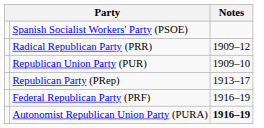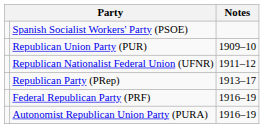 <table class="wikitable" style="text-align:left;">
 <tr>
 <th colspan="2">Party</th>
 <th>Notes</th>
 </tr>
 <tr>
 <td width="1"></td>
 <td><a href='#'>Spanish Socialist Workers' Party</a> (PSOE)</td>
 </tr>
 <tr>
 <td></td>
-<td><a href='#'>Radical Republican Party</a> (PRR)</td>
-<td>1909–12</td>
+<td><a href='#'>Republican Union Party</a> (PUR)</td>
+<td>1909–10</td>
 </tr>
 <tr>
 <td></td>
-<td><a href='#'>Republican Union Party</a> (PUR)</td>
-<td>1909–10</td>
+<td><a href='#'>Republican Nationalist Federal Union</a> (UFNR)</td>
+<td>1911–12</td>
 </tr>
 <tr>
 <td></td>
 <td><a href='#'>Republican Party</a> (PRep)</td>
 <td>1913–17</td>
 </tr>
 <tr>
 <td></td>
 <td><a href='#'>Federal Republican Party</a> (PRF)</td>
 <td>1916–19</td>
 </tr>
 <tr>
 <td></td>
 <td><a href='#'>Autonomist Republican Union Party</a> (PURA)</td>
-<td><strong>1916–19</strong></td>
+<td>1916–19</td>
 </tr>
 </table>
